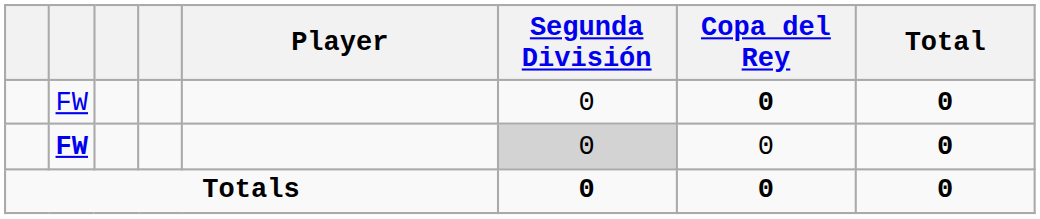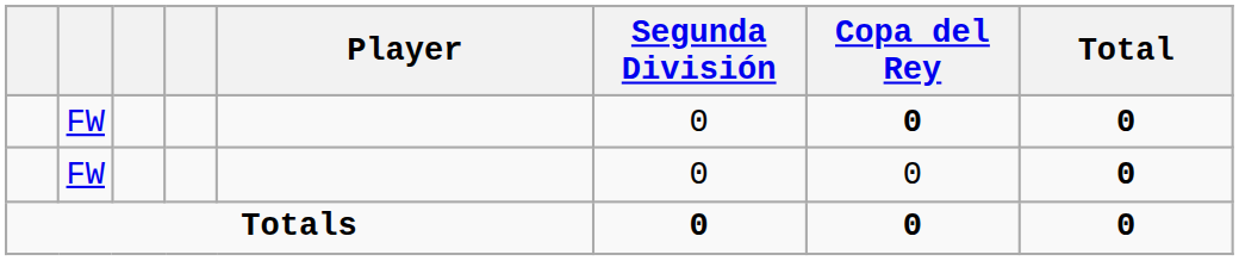 <table class="wikitable" style="text-align:center">
 <tr>
 <th width=15></th>
 <th width=15></th>
 <th width=15></th>
 <th width=15></th>
 <th width=145>Player</th>
 <th width=80><strong><a href='#'>Segunda División</a></strong></th>
 <th width=80><strong><a href='#'>Copa del Rey</a></strong></th>
 <th width=80>Total</th>
 </tr>
 <tr>
 <td></td>
 <td><a href='#'>FW</a></td>
 <td></td>
 <td></td>
 <td></td>
 <td>0</td>
 <td><strong>0</strong></td>
 <td><strong>0</strong></td>
 </tr>
 <tr>
 <td></td>
-<td><strong><a href='#'>FW</a></strong></td>
+<td><a href='#'>FW</a></td>
 <td></td>
 <td></td>
 <td></td>
-<td style="background: lightgrey;">0</td>
+<td>0</td>
 <td>0</td>
 <td><strong>0</strong></td>
 </tr>
 <tr>
 <td colspan=5><strong>Totals</strong></td>
 <td><strong>0</strong></td>
 <td><strong>0</strong></td>
 <td><strong>0</strong></td>
 </tr>
 </table>
